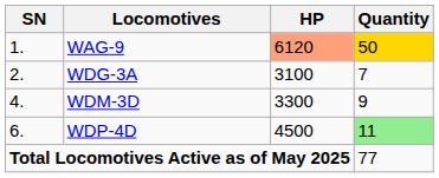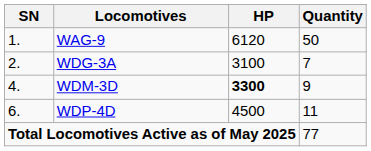 <table class="wikitable">
 <tr>
 <th>SN</th>
 <th>Locomotives</th>
 <th>HP</th>
 <th>Quantity</th>
 </tr>
 <tr>
 <td>1.</td>
 <td><a href='#'>WAG-9</a></td>
-<td style="background: lightsalmon;">6120</td>
-<td style="background: gold;">50</td>
+<td>6120</td>
+<td>50</td>
 </tr>
 <tr>
 <td>2.</td>
 <td><a href='#'>WDG-3A</a></td>
 <td>3100</td>
 <td>7</td>
 </tr>
 <tr>
 <td>4.</td>
 <td><a href='#'>WDM-3D</a></td>
-<td>3300</td>
+<td><strong>3300</strong></td>
 <td>9</td>
 </tr>
 <tr>
 <td>6.</td>
 <td><a href='#'>WDP-4D</a></td>
 <td>4500</td>
-<td style="background: lightgreen;">11</td>
+<td>11</td>
 </tr>
 <tr>
 <td colspan="3"><strong>Total Locomotives Active as of May 2025</strong></td>
 <td>77</td>
 </tr>
 </table>
